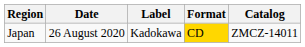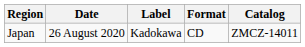 <table class="wikitable">
 <tr>
 <th>Region</th>
 <th>Date</th>
 <th>Label</th>
 <th>Format</th>
 <th>Catalog</th>
 </tr>
 <tr>
 <td rowspan="3">Japan</td>
 <td rowspan="3">26 August 2020</td>
 <td rowspan="3">Kadokawa</td>
-<td style="background: gold;">CD</td>
+<td>CD</td>
 <td>ZMCZ-14011</td>
 </tr>
 </table>
